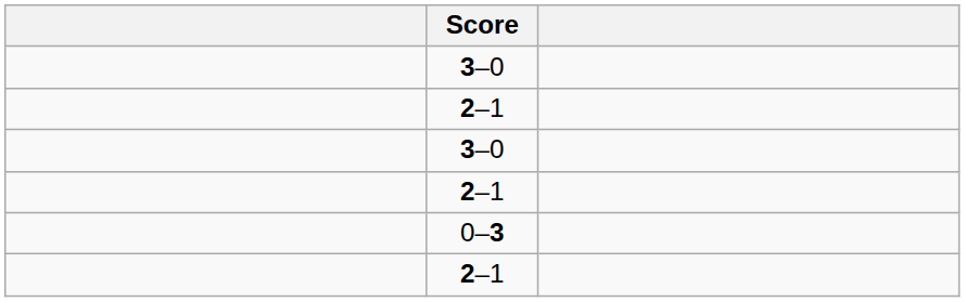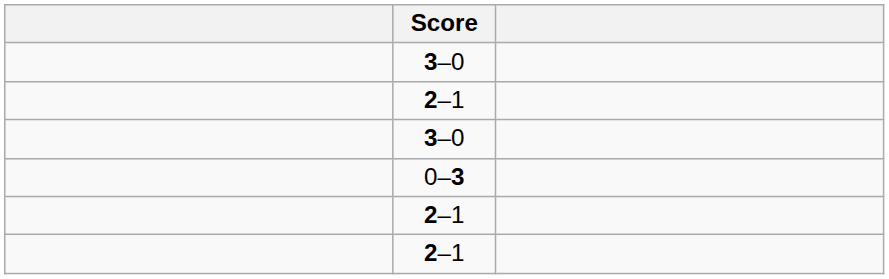 <table class="wikitable" style="text-align: center;">
 <tr>
 <th width=250></th>
 <th width=60>Score</th>
 <th width=250></th>
 </tr>
 <tr>
 <td align=left><strong></strong></td>
 <td><strong>3</strong>–0</td>
 <td align=left></td>
 </tr>
 <tr>
 <td align=left></td>
 <td><strong>2</strong>–1</td>
 <td align=left><strong></strong></td>
 </tr>
 <tr>
 <td align=left><strong></strong></td>
 <td><strong>3</strong>–0</td>
 <td align=left></td>
 </tr>
 <tr>
 <td align=left></td>
-<td><strong>2</strong>–1</td>
+<td>0–<strong>3</strong></td>
 <td align=left><strong></strong></td>
 </tr>
 <tr>
 <td align=left><strong></strong></td>
-<td>0–<strong>3</strong></td>
+<td><strong>2</strong>–1</td>
 <td align=left></td>
 </tr>
 <tr>
 <td align=left><strong></strong></td>
 <td><strong>2</strong>–1</td>
 <td align=left></td>
 </tr>
 </table>
